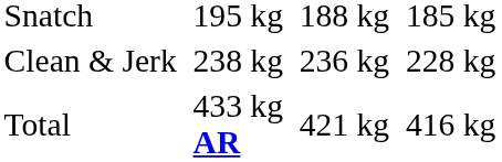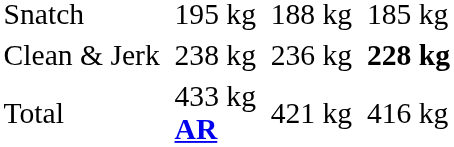 <table>
 <tr>
 <td>Snatch</td>
 <td></td>
 <td>195 kg</td>
 <td></td>
 <td>188 kg</td>
 <td></td>
 <td>185 kg</td>
 </tr>
 <tr>
 <td>Clean & Jerk</td>
 <td></td>
 <td>238 kg</td>
 <td></td>
 <td>236 kg</td>
 <td></td>
-<td>228 kg</td>
+<td><strong>228 kg</strong></td>
 </tr>
 <tr>
 <td>Total</td>
 <td></td>
 <td>433 kg<br><strong><a href='#'>AR</a></strong></td>
 <td></td>
 <td>421 kg</td>
 <td></td>
 <td>416 kg</td>
 </tr>
 </table>
